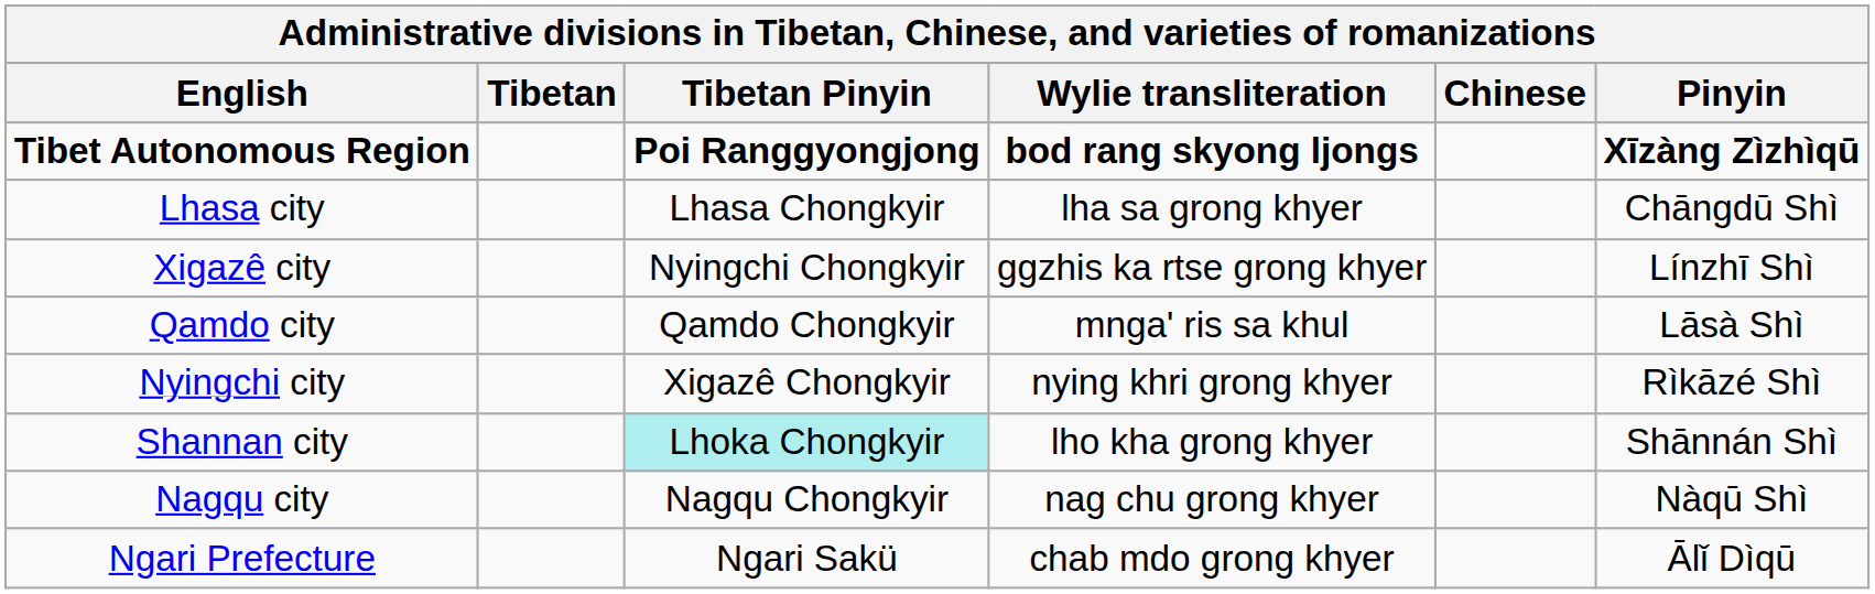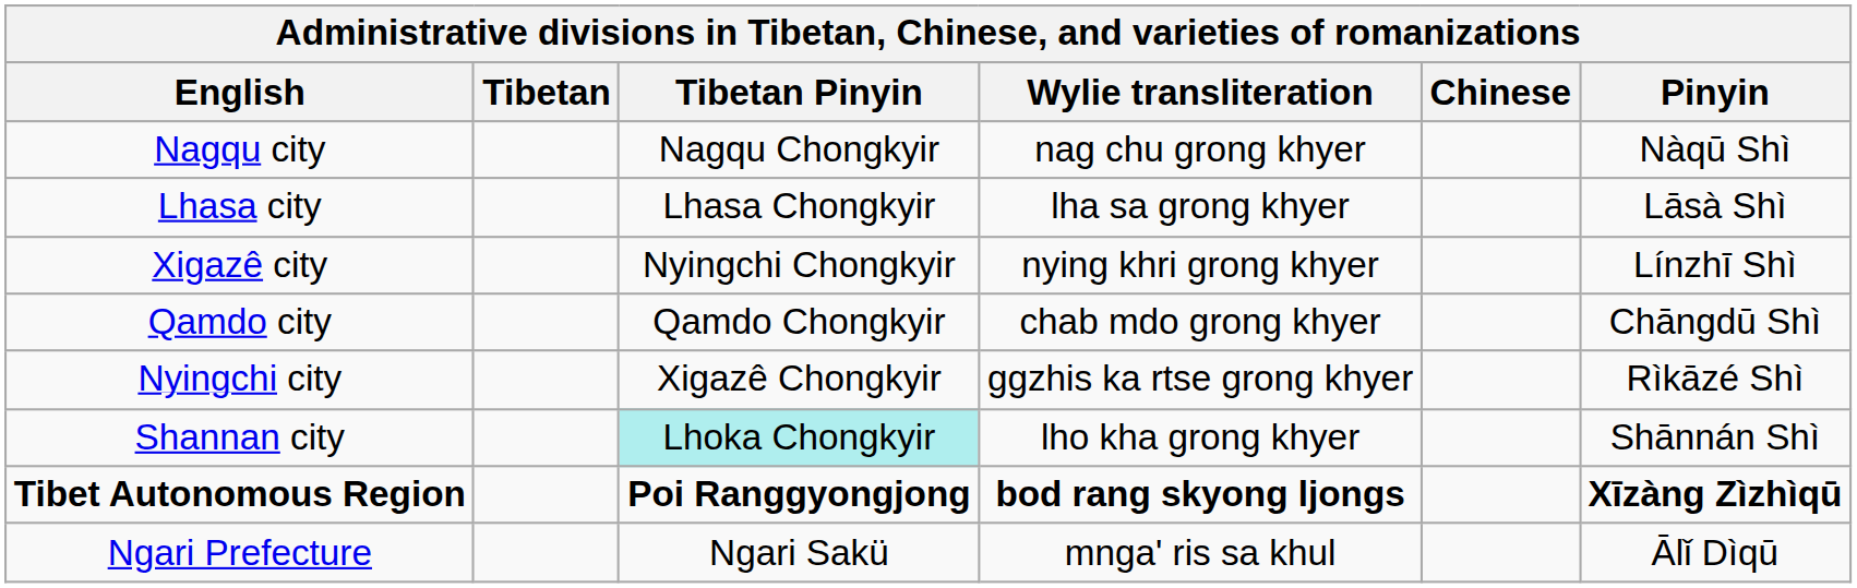 <table class="wikitable sortable collapsible collapsed" style="text-font:90%; width:auto; text-align:center; margin-left: auto; margin-right: auto;">
 <tr>
 <th colspan="6">Administrative divisions in Tibetan, Chinese, and varieties of romanizations</th>
 </tr>
 <tr>
 <th>English</th>
 <th>Tibetan</th>
 <th>Tibetan Pinyin</th>
 <th>Wylie transliteration</th>
 <th>Chinese</th>
 <th>Pinyin</th>
 </tr>
 <tr>
-<td><strong>Tibet Autonomous Region</strong></td>
+<td><a href='#'>Nagqu</a> city</td>
 <td></td>
-<td><strong>Poi Ranggyongjong</strong></td>
-<td><strong>bod rang skyong ljongs</strong></td>
+<td>Nagqu Chongkyir</td>
+<td>nag chu grong khyer</td>
 <td></td>
-<td><strong>Xīzàng Zìzhìqū</strong></td>
+<td>Nàqū Shì</td>
 </tr>
 <tr>
 <td><a href='#'>Lhasa</a> city</td>
 <td></td>
 <td>Lhasa Chongkyir</td>
 <td>lha sa grong khyer</td>
 <td></td>
-<td>Chāngdū Shì</td>
+<td>Lāsà Shì</td>
 </tr>
 <tr>
 <td><a href='#'>Xigazê</a> city</td>
 <td></td>
 <td>Nyingchi Chongkyir</td>
-<td>ggzhis ka rtse grong khyer</td>
+<td>nying khri grong khyer</td>
 <td></td>
 <td>Línzhī Shì</td>
 </tr>
 <tr>
 <td><a href='#'>Qamdo</a> city</td>
 <td></td>
 <td>Qamdo Chongkyir</td>
-<td>mnga' ris sa khul</td>
+<td>chab mdo grong khyer</td>
 <td></td>
-<td>Lāsà Shì</td>
+<td>Chāngdū Shì</td>
 </tr>
 <tr>
 <td><a href='#'>Nyingchi</a> city</td>
 <td></td>
 <td>Xigazê Chongkyir</td>
-<td>nying khri grong khyer</td>
+<td>ggzhis ka rtse grong khyer</td>
 <td></td>
 <td>Rìkāzé Shì</td>
 </tr>
 <tr>
 <td><a href='#'>Shannan</a> city</td>
 <td></td>
 <td style="background: paleturquoise;">Lhoka Chongkyir</td>
 <td>lho kha grong khyer</td>
 <td></td>
 <td>Shānnán Shì</td>
 </tr>
 <tr>
-<td><a href='#'>Nagqu</a> city</td>
+<td><strong>Tibet Autonomous Region</strong></td>
 <td></td>
-<td>Nagqu Chongkyir</td>
-<td>nag chu grong khyer</td>
+<td><strong>Poi Ranggyongjong</strong></td>
+<td><strong>bod rang skyong ljongs</strong></td>
 <td></td>
-<td>Nàqū Shì</td>
+<td><strong>Xīzàng Zìzhìqū</strong></td>
 </tr>
 <tr>
 <td><a href='#'>Ngari Prefecture</a></td>
 <td></td>
 <td>Ngari Sakü</td>
-<td>chab mdo grong khyer</td>
+<td>mnga' ris sa khul</td>
 <td></td>
 <td>Ālǐ Dìqū</td>
 </tr>
 </table>
